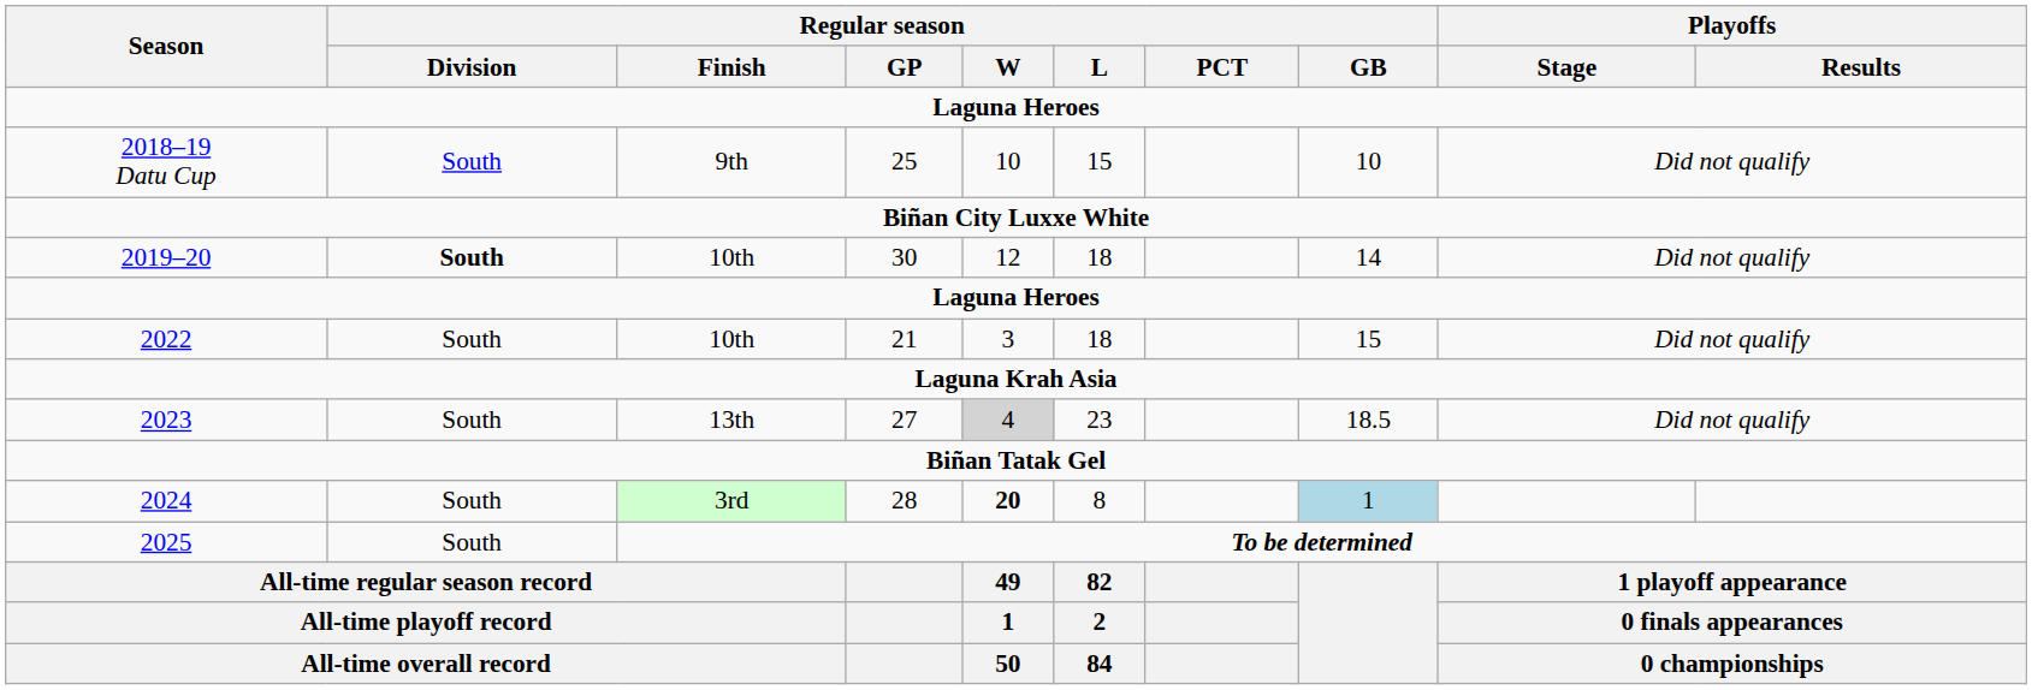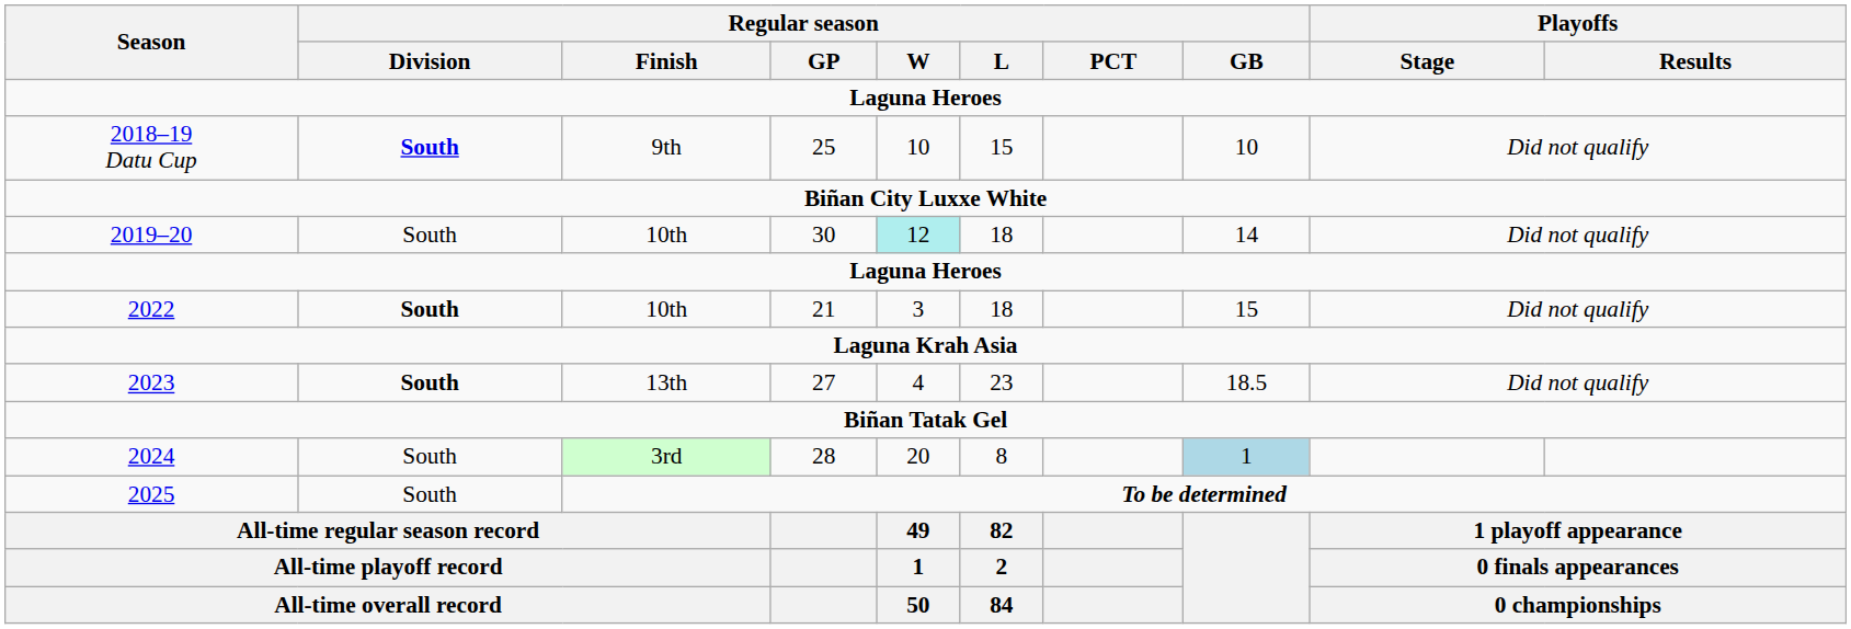 <table class=wikitable style="width:100%; text-align:center">
 <tr>
 <th rowspan="2">Season</th>
 <th colspan="7">Regular season</th>
 <th colspan="2">Playoffs</th>
 </tr>
 <tr>
 <th>Division</th>
 <th>Finish</th>
 <th>GP</th>
 <th>W</th>
 <th>L</th>
 <th>PCT</th>
 <th>GB</th>
 <th>Stage</th>
 <th>Results</th>
 </tr>
 <tr>
 <td colspan=10><span><strong>Laguna Heroes</strong></span></td>
 </tr>
 <tr>
 <td><a href='#'>2018–19</a> <br> <em>Datu Cup</em></td>
-<td><a href='#'>South</a></td>
+<td><strong><a href='#'>South</a></strong></td>
 <td>9th</td>
 <td>25</td>
 <td>10</td>
 <td>15</td>
 <td></td>
 <td>10</td>
 <td colspan="2"><em>Did not qualify</em></td>
 </tr>
 <tr>
 <td colspan=10><span><strong>Biñan City Luxxe White</strong></span></td>
 </tr>
 <tr>
 <td><a href='#'>2019–20</a> <br> </td>
-<td><strong>South</strong></td>
+<td>South</td>
 <td>10th</td>
 <td>30</td>
-<td>12</td>
+<td style="background: paleturquoise;">12</td>
 <td>18</td>
 <td></td>
 <td>14</td>
 <td colspan="2"><em>Did not qualify</em></td>
 </tr>
 <tr>
 <td colspan=10><span><strong>Laguna Heroes</strong></span></td>
 </tr>
 <tr>
 <td><a href='#'>2022</a></td>
-<td>South</td>
+<td><strong>South</strong></td>
 <td>10th</td>
 <td>21</td>
 <td>3</td>
 <td>18</td>
 <td></td>
 <td>15</td>
 <td colspan="2"><em>Did not qualify</em></td>
 </tr>
 <tr>
 <td colspan=10><span><strong>Laguna Krah Asia</strong></span></td>
 </tr>
 <tr>
 <td><a href='#'>2023</a></td>
-<td>South</td>
+<td><strong>South</strong></td>
 <td>13th</td>
 <td>27</td>
-<td style="background: lightgrey;">4</td>
+<td>4</td>
 <td>23</td>
 <td></td>
 <td>18.5</td>
 <td colspan="2"><em>Did not qualify</em></td>
 </tr>
 <tr>
 <td colspan=10><span><strong>Biñan Tatak Gel</strong></span></td>
 </tr>
 <tr>
 <td><a href='#'>2024</a></td>
 <td>South</td>
 <td bgcolor="#CFFFCF">3rd</td>
 <td>28</td>
-<td><strong>20</strong></td>
+<td>20</td>
 <td>8</td>
 <td></td>
 <td style="background: lightblue;">1</td>
 <td></td>
 <td></td>
 </tr>
 <tr>
 <td><a href='#'>2025</a></td>
 <td>South</td>
 <td colspan="8"><strong><em>To be determined</em></strong></td>
 </tr>
 <tr>
 <th colspan="3">All-time regular season record</th>
 <th></th>
 <th>49</th>
 <th>82</th>
 <th></th>
 <th rowspan="3"></th>
 <th colspan="2">1 playoff appearance</th>
 </tr>
 <tr>
 <th colspan="3">All-time playoff record</th>
 <th></th>
 <th>1</th>
 <th>2</th>
 <th></th>
 <th colspan="2">0 finals appearances</th>
 </tr>
 <tr>
 <th colspan="3">All-time overall record</th>
 <th></th>
 <th>50</th>
 <th>84</th>
 <th></th>
 <th colspan="2">0 championships</th>
 </tr>
 </table>
